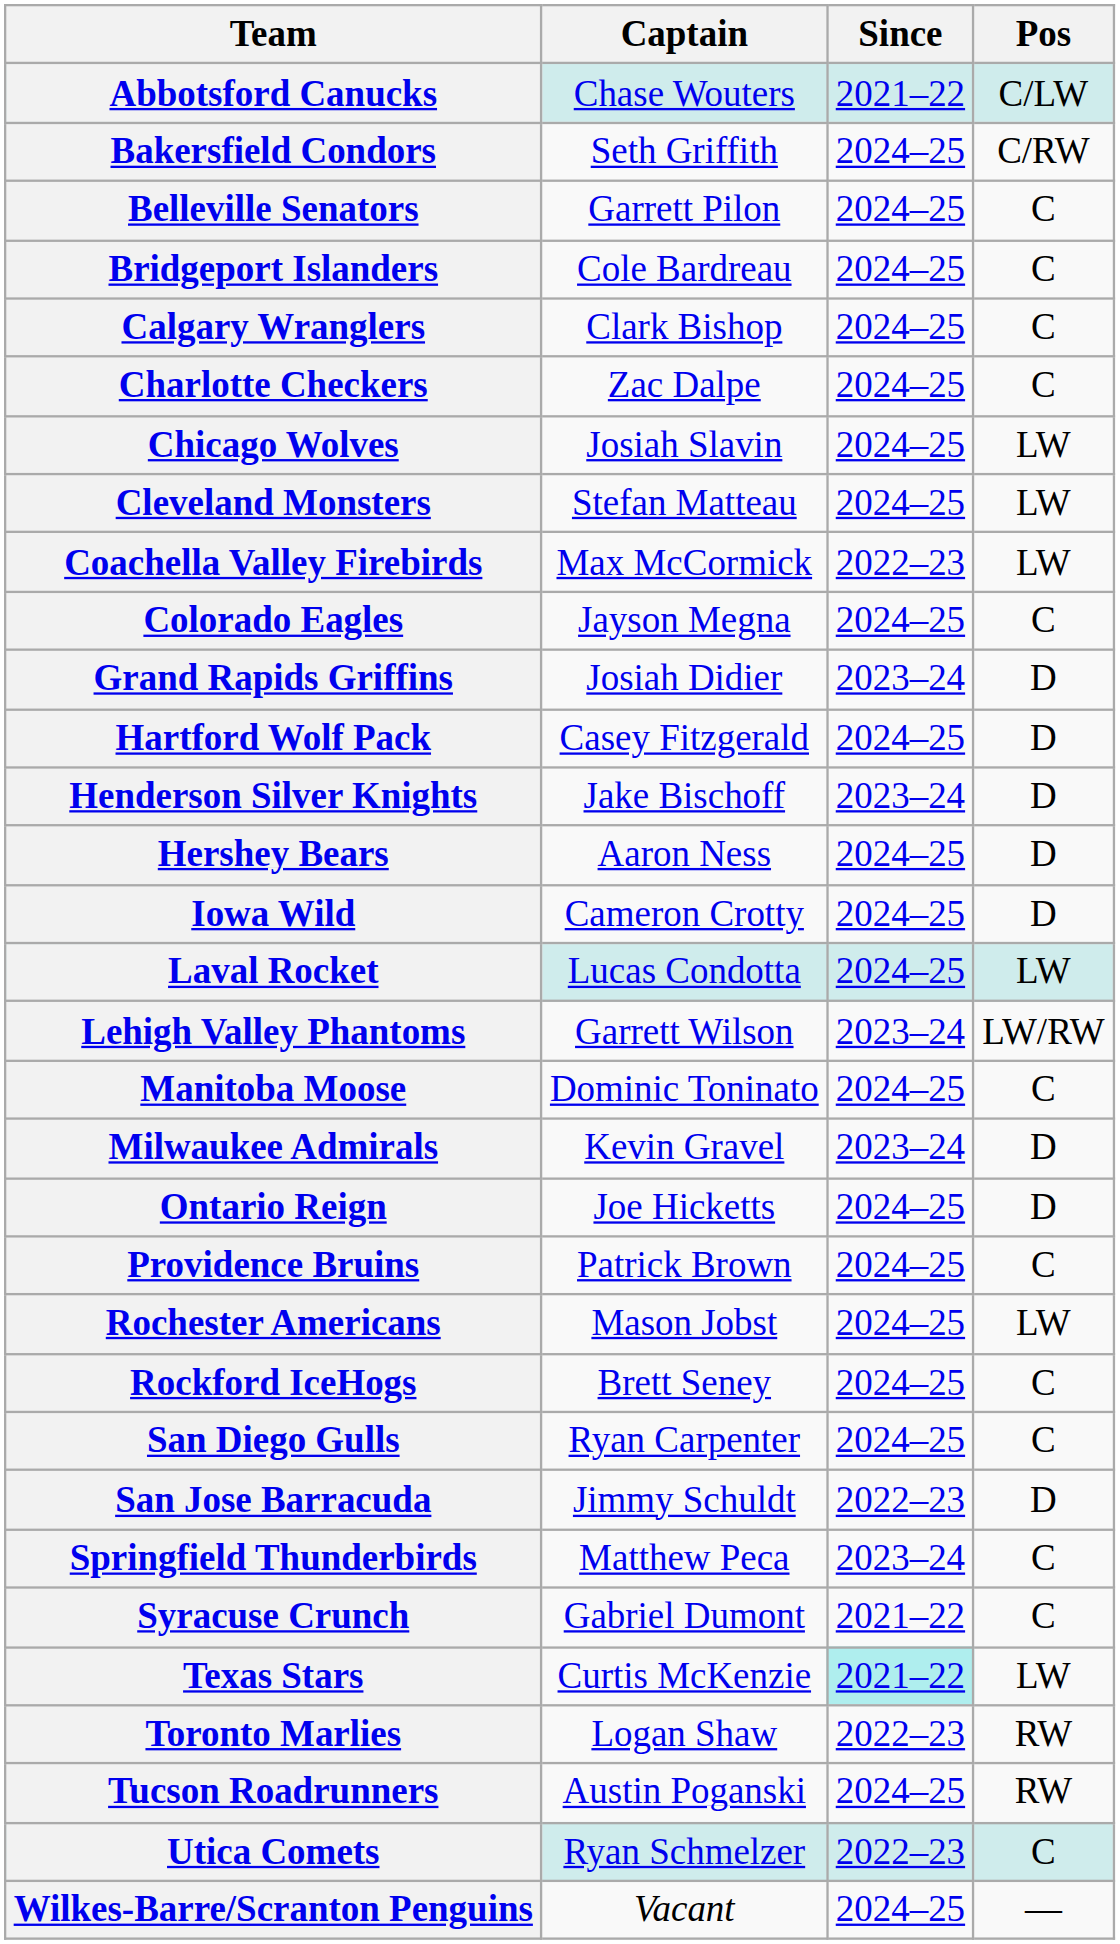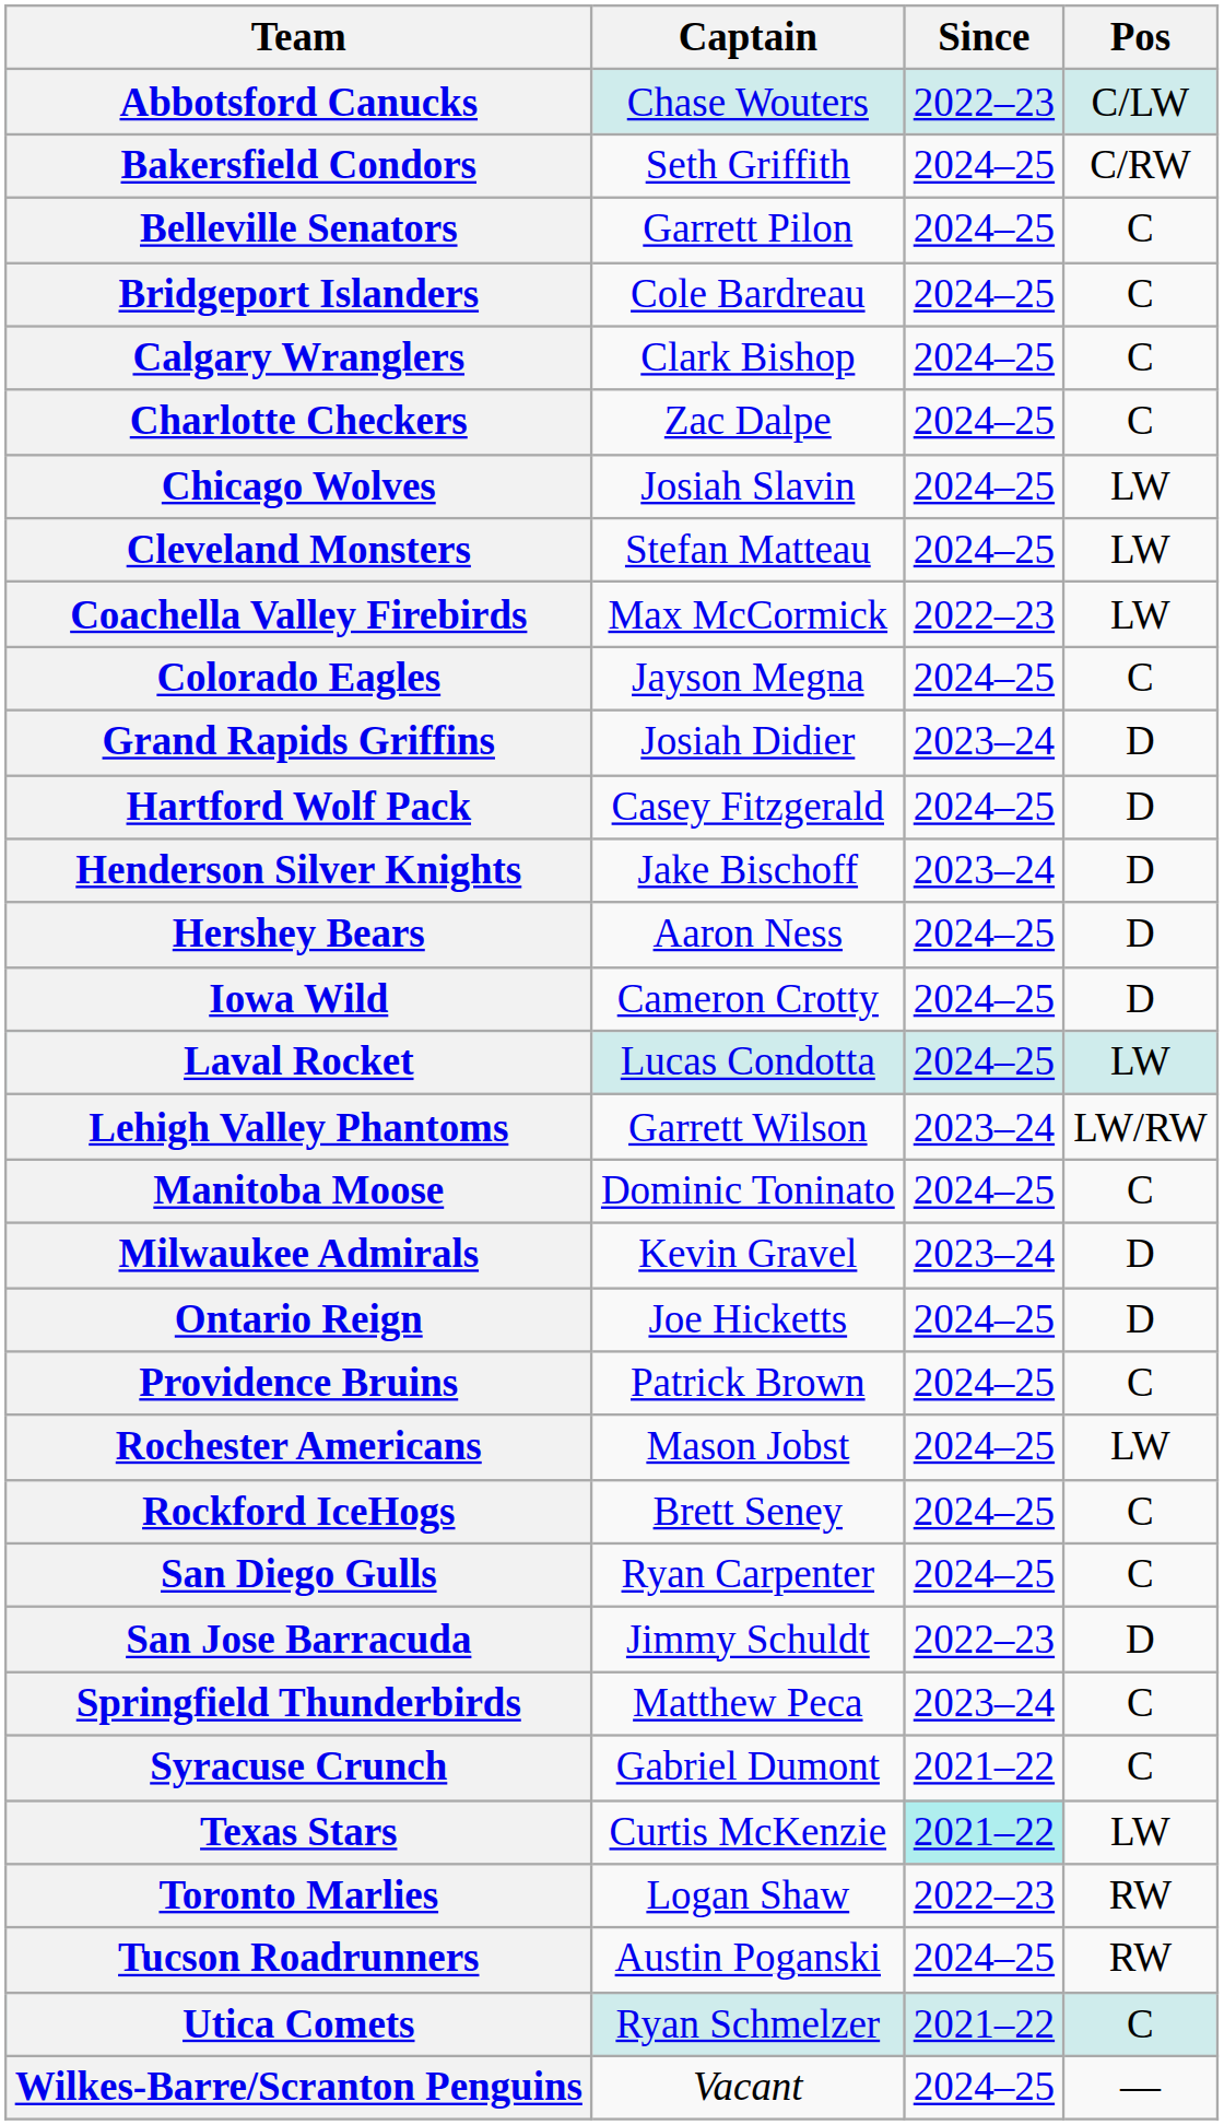 <table class="wikitable sortable" style="text-align: center">
 <tr>
 <th>Team</th>
 <th>Captain</th>
 <th>Since</th>
 <th>Pos</th>
 </tr>
 <tr bgcolor="#cfecec">
 <th><a href='#'>Abbotsford Canucks</a></th>
 <td><a href='#'>Chase Wouters</a></td>
-<td><a href='#'>2021–22</a></td>
+<td><a href='#'>2022–23</a></td>
 <td>C/LW</td>
 </tr>
 <tr>
 <th><a href='#'>Bakersfield Condors</a></th>
 <td><a href='#'>Seth Griffith</a></td>
 <td><a href='#'>2024–25</a></td>
 <td>C/RW</td>
 </tr>
 <tr>
 <th><a href='#'>Belleville Senators</a></th>
 <td><a href='#'>Garrett Pilon</a></td>
 <td><a href='#'>2024–25</a></td>
 <td>C</td>
 </tr>
 <tr>
 <th><a href='#'>Bridgeport Islanders</a></th>
 <td><a href='#'>Cole Bardreau</a></td>
 <td><a href='#'>2024–25</a></td>
 <td>C</td>
 </tr>
 <tr>
 <th><a href='#'>Calgary Wranglers</a></th>
 <td><a href='#'>Clark Bishop</a></td>
 <td><a href='#'>2024–25</a></td>
 <td>C</td>
 </tr>
 <tr>
 <th><a href='#'>Charlotte Checkers</a></th>
 <td><a href='#'>Zac Dalpe</a></td>
 <td><a href='#'>2024–25</a></td>
 <td>C</td>
 </tr>
 <tr>
 <th><a href='#'>Chicago Wolves</a></th>
 <td><a href='#'>Josiah Slavin</a></td>
 <td><a href='#'>2024–25</a></td>
 <td>LW</td>
 </tr>
 <tr>
 <th><a href='#'>Cleveland Monsters</a></th>
 <td><a href='#'>Stefan Matteau</a></td>
 <td><a href='#'>2024–25</a></td>
 <td>LW</td>
 </tr>
 <tr>
 <th><a href='#'>Coachella Valley Firebirds</a></th>
 <td><a href='#'>Max McCormick</a></td>
 <td><a href='#'>2022–23</a></td>
 <td>LW</td>
 </tr>
 <tr>
 <th><a href='#'>Colorado Eagles</a></th>
 <td><a href='#'>Jayson Megna</a></td>
 <td><a href='#'>2024–25</a></td>
 <td>C</td>
 </tr>
 <tr>
 <th><a href='#'>Grand Rapids Griffins</a></th>
 <td><a href='#'>Josiah Didier</a></td>
 <td><a href='#'>2023–24</a></td>
 <td>D</td>
 </tr>
 <tr>
 <th><a href='#'>Hartford Wolf Pack</a></th>
 <td><a href='#'>Casey Fitzgerald</a></td>
 <td><a href='#'>2024–25</a></td>
 <td>D</td>
 </tr>
 <tr>
 <th><a href='#'>Henderson Silver Knights</a></th>
 <td><a href='#'>Jake Bischoff</a></td>
 <td><a href='#'>2023–24</a></td>
 <td>D</td>
 </tr>
 <tr>
 <th><a href='#'>Hershey Bears</a></th>
 <td><a href='#'>Aaron Ness</a></td>
 <td><a href='#'>2024–25</a></td>
 <td>D</td>
 </tr>
 <tr>
 <th><a href='#'>Iowa Wild</a></th>
 <td><a href='#'>Cameron Crotty</a></td>
 <td><a href='#'>2024–25</a></td>
 <td>D</td>
 </tr>
 <tr bgcolor="#cfecec">
 <th><a href='#'>Laval Rocket</a></th>
 <td><a href='#'>Lucas Condotta</a></td>
 <td><a href='#'>2024–25</a></td>
 <td>LW</td>
 </tr>
 <tr>
 <th><a href='#'>Lehigh Valley Phantoms</a></th>
 <td><a href='#'>Garrett Wilson</a></td>
 <td><a href='#'>2023–24</a></td>
 <td>LW/RW</td>
 </tr>
 <tr>
 <th><a href='#'>Manitoba Moose</a></th>
 <td><a href='#'>Dominic Toninato</a></td>
 <td><a href='#'>2024–25</a></td>
 <td>C</td>
 </tr>
 <tr>
 <th><a href='#'>Milwaukee Admirals</a></th>
 <td><a href='#'>Kevin Gravel</a></td>
 <td><a href='#'>2023–24</a></td>
 <td>D</td>
 </tr>
 <tr>
 <th><a href='#'>Ontario Reign</a></th>
 <td><a href='#'>Joe Hicketts</a></td>
 <td><a href='#'>2024–25</a></td>
 <td>D</td>
 </tr>
 <tr>
 <th><a href='#'>Providence Bruins</a></th>
 <td><a href='#'>Patrick Brown</a></td>
 <td><a href='#'>2024–25</a></td>
 <td>C</td>
 </tr>
 <tr>
 <th><a href='#'>Rochester Americans</a></th>
 <td><a href='#'>Mason Jobst</a></td>
 <td><a href='#'>2024–25</a></td>
 <td>LW</td>
 </tr>
 <tr>
 <th><a href='#'>Rockford IceHogs</a></th>
 <td><a href='#'>Brett Seney</a></td>
 <td><a href='#'>2024–25</a></td>
 <td>C</td>
 </tr>
 <tr>
 <th><a href='#'>San Diego Gulls</a></th>
 <td><a href='#'>Ryan Carpenter</a></td>
 <td><a href='#'>2024–25</a></td>
 <td>C</td>
 </tr>
 <tr>
 <th><a href='#'>San Jose Barracuda</a></th>
 <td><a href='#'>Jimmy Schuldt</a></td>
 <td><a href='#'>2022–23</a></td>
 <td>D</td>
 </tr>
 <tr>
 <th><a href='#'>Springfield Thunderbirds</a></th>
 <td><a href='#'>Matthew Peca</a></td>
 <td><a href='#'>2023–24</a></td>
 <td>C</td>
 </tr>
 <tr>
 <th><a href='#'>Syracuse Crunch</a></th>
 <td><a href='#'>Gabriel Dumont</a></td>
 <td><a href='#'>2021–22</a></td>
 <td>C</td>
 </tr>
 <tr>
 <th><a href='#'>Texas Stars</a></th>
 <td><a href='#'>Curtis McKenzie</a></td>
 <td style="background: paleturquoise;"><a href='#'>2021–22</a></td>
 <td>LW</td>
 </tr>
 <tr>
 <th><a href='#'>Toronto Marlies</a></th>
 <td><a href='#'>Logan Shaw</a></td>
 <td><a href='#'>2022–23</a></td>
 <td>RW</td>
 </tr>
 <tr>
 <th><a href='#'>Tucson Roadrunners</a></th>
 <td><a href='#'>Austin Poganski</a></td>
 <td><a href='#'>2024–25</a></td>
 <td>RW</td>
 </tr>
 <tr bgcolor="#cfecec">
 <th><a href='#'>Utica Comets</a></th>
 <td><a href='#'>Ryan Schmelzer</a></td>
-<td><a href='#'>2022–23</a></td>
+<td><a href='#'>2021–22</a></td>
 <td>C</td>
 </tr>
 <tr>
 <th><a href='#'>Wilkes-Barre/Scranton Penguins</a></th>
 <td><em>Vacant</em></td>
 <td><a href='#'>2024–25</a></td>
 <td>—</td>
 </tr>
 </table>
